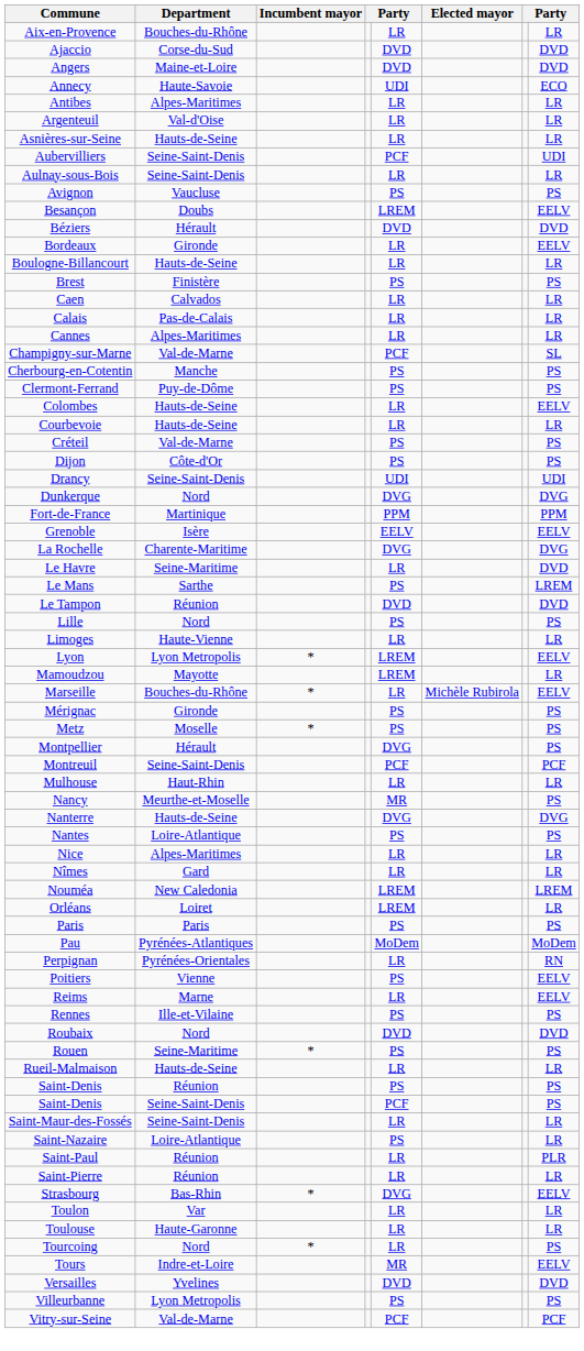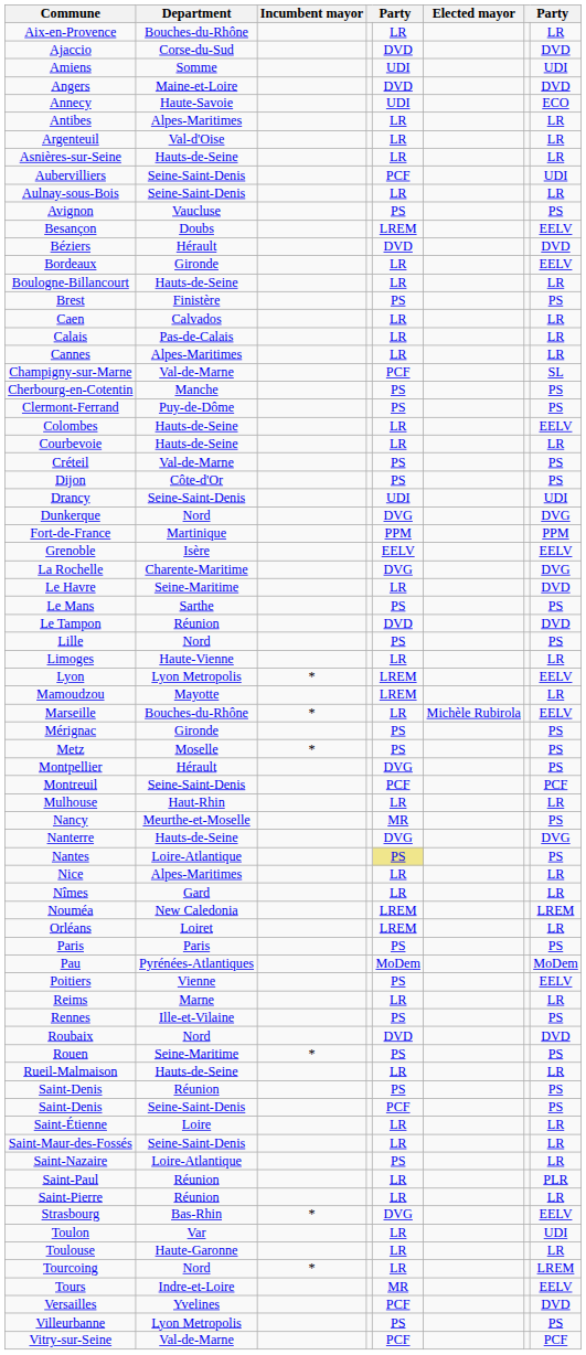 <table class="wikitable sortable" style="text-align:center; line-height:14px;">
 <tr>
 <th>Commune</th>
 <th>Department</th>
 <th>Incumbent mayor</th>
 <th colspan="2">Party</th>
 <th>Elected mayor</th>
 <th colspan="2">Party</th>
 </tr>
 <tr>
 <td><a href='#'>Aix-en-Provence</a></td>
 <td><a href='#'>Bouches-du-Rhône</a></td>
 <td></td>
 <td style="background:"></td>
 <td><a href='#'>LR</a></td>
 <td></td>
 <td style="background:"></td>
 <td><a href='#'>LR</a></td>
 </tr>
 <tr>
 <td><a href='#'>Ajaccio</a></td>
 <td><a href='#'>Corse-du-Sud</a></td>
 <td></td>
 <td style="background:"></td>
 <td><a href='#'>DVD</a></td>
 <td></td>
 <td style="background:"></td>
 <td><a href='#'>DVD</a></td>
+</tr>
+<tr>
+<td><a href='#'>Amiens</a></td>
+<td><a href='#'>Somme</a></td>
+<td></td>
+<td style="background:"></td>
+<td><a href='#'>UDI</a></td>
+<td></td>
+<td style="background:"></td>
+<td><a href='#'>UDI</a></td>
 </tr>
 <tr>
 <td><a href='#'>Angers</a></td>
 <td><a href='#'>Maine-et-Loire</a></td>
 <td></td>
 <td style="background:"></td>
 <td><a href='#'>DVD</a></td>
 <td></td>
 <td style="background:"></td>
 <td><a href='#'>DVD</a></td>
 </tr>
 <tr>
 <td><a href='#'>Annecy</a></td>
 <td><a href='#'>Haute-Savoie</a></td>
 <td></td>
 <td style="background:"></td>
 <td><a href='#'>UDI</a></td>
 <td></td>
 <td style="background:"></td>
 <td><a href='#'>ECO</a></td>
 </tr>
 <tr>
 <td><a href='#'>Antibes</a></td>
 <td><a href='#'>Alpes-Maritimes</a></td>
 <td></td>
 <td style="background:"></td>
 <td><a href='#'>LR</a></td>
 <td></td>
 <td style="background:"></td>
 <td><a href='#'>LR</a></td>
 </tr>
 <tr>
 <td><a href='#'>Argenteuil</a></td>
 <td><a href='#'>Val-d'Oise</a></td>
 <td></td>
 <td style="background:"></td>
 <td><a href='#'>LR</a></td>
 <td></td>
 <td style="background:"></td>
 <td><a href='#'>LR</a></td>
 </tr>
 <tr>
 <td><a href='#'>Asnières-sur-Seine</a></td>
 <td><a href='#'>Hauts-de-Seine</a></td>
 <td></td>
 <td style="background:"></td>
 <td><a href='#'>LR</a></td>
 <td></td>
 <td style="background:"></td>
 <td><a href='#'>LR</a></td>
 </tr>
 <tr>
 <td><a href='#'>Aubervilliers</a></td>
 <td><a href='#'>Seine-Saint-Denis</a></td>
 <td></td>
 <td style="background:"></td>
 <td><a href='#'>PCF</a></td>
 <td></td>
 <td style="background:"></td>
 <td><a href='#'>UDI</a></td>
 </tr>
 <tr>
 <td><a href='#'>Aulnay-sous-Bois</a></td>
 <td><a href='#'>Seine-Saint-Denis</a></td>
 <td></td>
 <td style="background:"></td>
 <td><a href='#'>LR</a></td>
 <td></td>
 <td style="background:"></td>
 <td><a href='#'>LR</a></td>
 </tr>
 <tr>
 <td><a href='#'>Avignon</a></td>
 <td><a href='#'>Vaucluse</a></td>
 <td></td>
 <td style="background:"></td>
 <td><a href='#'>PS</a></td>
 <td></td>
 <td style="background:"></td>
 <td><a href='#'>PS</a></td>
 </tr>
 <tr>
 <td><a href='#'>Besançon</a></td>
 <td><a href='#'>Doubs</a></td>
 <td></td>
 <td style="background:"></td>
 <td><a href='#'>LREM</a></td>
 <td></td>
 <td style="background:"></td>
 <td><a href='#'>EELV</a></td>
 </tr>
 <tr>
 <td><a href='#'>Béziers</a></td>
 <td><a href='#'>Hérault</a></td>
 <td></td>
 <td style="background:"></td>
 <td><a href='#'>DVD</a></td>
 <td></td>
 <td style="background:"></td>
 <td><a href='#'>DVD</a></td>
 </tr>
 <tr>
 <td><a href='#'>Bordeaux</a></td>
 <td><a href='#'>Gironde</a></td>
 <td></td>
 <td style="background:"></td>
 <td><a href='#'>LR</a></td>
 <td></td>
 <td style="background:"></td>
 <td><a href='#'>EELV</a></td>
 </tr>
 <tr>
 <td><a href='#'>Boulogne-Billancourt</a></td>
 <td><a href='#'>Hauts-de-Seine</a></td>
 <td></td>
 <td style="background:"></td>
 <td><a href='#'>LR</a></td>
 <td></td>
 <td style="background:"></td>
 <td><a href='#'>LR</a></td>
 </tr>
 <tr>
 <td><a href='#'>Brest</a></td>
 <td><a href='#'>Finistère</a></td>
 <td></td>
 <td style="background:"></td>
 <td><a href='#'>PS</a></td>
 <td></td>
 <td style="background:"></td>
 <td><a href='#'>PS</a></td>
 </tr>
 <tr>
 <td><a href='#'>Caen</a></td>
 <td><a href='#'>Calvados</a></td>
 <td></td>
 <td style="background:"></td>
 <td><a href='#'>LR</a></td>
 <td></td>
 <td style="background:"></td>
 <td><a href='#'>LR</a></td>
 </tr>
 <tr>
 <td><a href='#'>Calais</a></td>
 <td><a href='#'>Pas-de-Calais</a></td>
 <td></td>
 <td style="background:"></td>
 <td><a href='#'>LR</a></td>
 <td></td>
 <td style="background:"></td>
 <td><a href='#'>LR</a></td>
 </tr>
 <tr>
 <td><a href='#'>Cannes</a></td>
 <td><a href='#'>Alpes-Maritimes</a></td>
 <td></td>
 <td style="background:"></td>
 <td><a href='#'>LR</a></td>
 <td></td>
 <td style="background:"></td>
 <td><a href='#'>LR</a></td>
 </tr>
 <tr>
 <td><a href='#'>Champigny-sur-Marne</a></td>
 <td><a href='#'>Val-de-Marne</a></td>
 <td></td>
 <td style="background:"></td>
 <td><a href='#'>PCF</a></td>
 <td></td>
 <td style="background:"></td>
 <td><a href='#'>SL</a></td>
 </tr>
 <tr>
 <td><a href='#'>Cherbourg-en-Cotentin</a></td>
 <td><a href='#'>Manche</a></td>
 <td></td>
 <td style="background:"></td>
 <td><a href='#'>PS</a></td>
 <td></td>
 <td style="background:"></td>
 <td><a href='#'>PS</a></td>
 </tr>
 <tr>
 <td><a href='#'>Clermont-Ferrand</a></td>
 <td><a href='#'>Puy-de-Dôme</a></td>
 <td></td>
 <td style="background:"></td>
 <td><a href='#'>PS</a></td>
 <td></td>
 <td style="background:"></td>
 <td><a href='#'>PS</a></td>
 </tr>
 <tr>
 <td><a href='#'>Colombes</a></td>
 <td><a href='#'>Hauts-de-Seine</a></td>
 <td></td>
 <td style="background:"></td>
 <td><a href='#'>LR</a></td>
 <td></td>
 <td style="background:"></td>
 <td><a href='#'>EELV</a></td>
 </tr>
 <tr>
 <td><a href='#'>Courbevoie</a></td>
 <td><a href='#'>Hauts-de-Seine</a></td>
 <td></td>
 <td style="background:"></td>
 <td><a href='#'>LR</a></td>
 <td></td>
 <td style="background:"></td>
 <td><a href='#'>LR</a></td>
 </tr>
 <tr>
 <td><a href='#'>Créteil</a></td>
 <td><a href='#'>Val-de-Marne</a></td>
 <td></td>
 <td style="background:"></td>
 <td><a href='#'>PS</a></td>
 <td></td>
 <td style="background:"></td>
 <td><a href='#'>PS</a></td>
 </tr>
 <tr>
 <td><a href='#'>Dijon</a></td>
 <td><a href='#'>Côte-d'Or</a></td>
 <td></td>
 <td style="background:"></td>
 <td><a href='#'>PS</a></td>
 <td></td>
 <td style="background:"></td>
 <td><a href='#'>PS</a></td>
 </tr>
 <tr>
 <td><a href='#'>Drancy</a></td>
 <td><a href='#'>Seine-Saint-Denis</a></td>
 <td></td>
 <td style="background:"></td>
 <td><a href='#'>UDI</a></td>
 <td></td>
 <td style="background:"></td>
 <td><a href='#'>UDI</a></td>
 </tr>
 <tr>
 <td><a href='#'>Dunkerque</a></td>
 <td><a href='#'>Nord</a></td>
 <td></td>
 <td style="background:"></td>
 <td><a href='#'>DVG</a></td>
 <td></td>
 <td style="background:"></td>
 <td><a href='#'>DVG</a></td>
 </tr>
 <tr>
 <td><a href='#'>Fort-de-France</a></td>
 <td><a href='#'>Martinique</a></td>
 <td></td>
 <td style="background:"></td>
 <td><a href='#'>PPM</a></td>
 <td></td>
 <td style="background:"></td>
 <td><a href='#'>PPM</a></td>
 </tr>
 <tr>
 <td><a href='#'>Grenoble</a></td>
 <td><a href='#'>Isère</a></td>
 <td></td>
 <td style="background:"></td>
 <td><a href='#'>EELV</a></td>
 <td></td>
 <td style="background:"></td>
 <td><a href='#'>EELV</a></td>
 </tr>
 <tr>
 <td><a href='#'>La Rochelle</a></td>
 <td><a href='#'>Charente-Maritime</a></td>
 <td></td>
 <td style="background:"></td>
 <td><a href='#'>DVG</a></td>
 <td></td>
 <td style="background:"></td>
 <td><a href='#'>DVG</a></td>
 </tr>
 <tr>
 <td><a href='#'>Le Havre</a></td>
 <td><a href='#'>Seine-Maritime</a></td>
 <td></td>
 <td style="background:"></td>
 <td><a href='#'>LR</a></td>
 <td></td>
 <td style="background:"></td>
 <td><a href='#'>DVD</a></td>
 </tr>
 <tr>
 <td><a href='#'>Le Mans</a></td>
 <td><a href='#'>Sarthe</a></td>
 <td></td>
 <td style="background:"></td>
 <td><a href='#'>PS</a></td>
 <td></td>
 <td style="background:"></td>
-<td><a href='#'>LREM</a></td>
+<td><a href='#'>PS</a></td>
 </tr>
 <tr>
 <td><a href='#'>Le Tampon</a></td>
 <td><a href='#'>Réunion</a></td>
 <td></td>
 <td style="background:"></td>
 <td><a href='#'>DVD</a></td>
 <td></td>
 <td style="background:"></td>
 <td><a href='#'>DVD</a></td>
 </tr>
 <tr>
 <td><a href='#'>Lille</a></td>
 <td><a href='#'>Nord</a></td>
 <td></td>
 <td style="background:"></td>
 <td><a href='#'>PS</a></td>
 <td></td>
 <td style="background:"></td>
 <td><a href='#'>PS</a></td>
 </tr>
 <tr>
 <td><a href='#'>Limoges</a></td>
 <td><a href='#'>Haute-Vienne</a></td>
 <td></td>
 <td style="background:"></td>
 <td><a href='#'>LR</a></td>
 <td></td>
 <td style="background:"></td>
 <td><a href='#'>LR</a></td>
 </tr>
 <tr>
 <td><a href='#'>Lyon</a></td>
 <td><a href='#'>Lyon Metropolis</a></td>
 <td>*</td>
 <td style="background:"></td>
 <td><a href='#'>LREM</a></td>
 <td></td>
 <td style="background:"></td>
 <td><a href='#'>EELV</a></td>
 </tr>
 <tr>
 <td><a href='#'>Mamoudzou</a></td>
 <td><a href='#'>Mayotte</a></td>
 <td></td>
 <td style="background:"></td>
 <td><a href='#'>LREM</a></td>
 <td></td>
 <td style="background:"></td>
 <td><a href='#'>LR</a></td>
 </tr>
 <tr>
 <td><a href='#'>Marseille</a></td>
 <td><a href='#'>Bouches-du-Rhône</a></td>
 <td>*</td>
 <td style="background:"></td>
 <td><a href='#'>LR</a></td>
 <td><a href='#'>Michèle Rubirola</a></td>
 <td style="background:"></td>
 <td><a href='#'>EELV</a></td>
 </tr>
 <tr>
 <td><a href='#'>Mérignac</a></td>
 <td><a href='#'>Gironde</a></td>
 <td></td>
 <td style="background:"></td>
 <td><a href='#'>PS</a></td>
 <td></td>
 <td style="background:"></td>
 <td><a href='#'>PS</a></td>
 </tr>
 <tr>
 <td><a href='#'>Metz</a></td>
 <td><a href='#'>Moselle</a></td>
 <td>*</td>
 <td style="background:"></td>
 <td><a href='#'>PS</a></td>
 <td></td>
 <td style="background:"></td>
 <td><a href='#'>PS</a></td>
 </tr>
 <tr>
 <td><a href='#'>Montpellier</a></td>
 <td><a href='#'>Hérault</a></td>
 <td></td>
 <td style="background:"></td>
 <td><a href='#'>DVG</a></td>
 <td></td>
 <td style="background:"></td>
 <td><a href='#'>PS</a></td>
 </tr>
 <tr>
 <td><a href='#'>Montreuil</a></td>
 <td><a href='#'>Seine-Saint-Denis</a></td>
 <td></td>
 <td style="background:"></td>
 <td><a href='#'>PCF</a></td>
 <td></td>
 <td style="background:"></td>
 <td><a href='#'>PCF</a></td>
 </tr>
 <tr>
 <td><a href='#'>Mulhouse</a></td>
 <td><a href='#'>Haut-Rhin</a></td>
 <td></td>
 <td style="background:"></td>
 <td><a href='#'>LR</a></td>
 <td></td>
 <td style="background:"></td>
 <td><a href='#'>LR</a></td>
 </tr>
 <tr>
 <td><a href='#'>Nancy</a></td>
 <td><a href='#'>Meurthe-et-Moselle</a></td>
 <td></td>
 <td style="background:"></td>
 <td><a href='#'>MR</a></td>
 <td></td>
 <td style="background:"></td>
 <td><a href='#'>PS</a></td>
 </tr>
 <tr>
 <td><a href='#'>Nanterre</a></td>
 <td><a href='#'>Hauts-de-Seine</a></td>
 <td></td>
 <td style="background:"></td>
 <td><a href='#'>DVG</a></td>
 <td></td>
 <td style="background:"></td>
 <td><a href='#'>DVG</a></td>
 </tr>
 <tr>
 <td><a href='#'>Nantes</a></td>
 <td><a href='#'>Loire-Atlantique</a></td>
 <td></td>
 <td style="background:"></td>
-<td><a href='#'>PS</a></td>
+<td style="background: khaki;"><a href='#'>PS</a></td>
 <td></td>
 <td style="background:"></td>
 <td><a href='#'>PS</a></td>
 </tr>
 <tr>
 <td><a href='#'>Nice</a></td>
 <td><a href='#'>Alpes-Maritimes</a></td>
 <td></td>
 <td style="background:"></td>
 <td><a href='#'>LR</a></td>
 <td></td>
 <td style="background:"></td>
 <td><a href='#'>LR</a></td>
 </tr>
 <tr>
 <td><a href='#'>Nîmes</a></td>
 <td><a href='#'>Gard</a></td>
 <td></td>
 <td style="background:"></td>
 <td><a href='#'>LR</a></td>
 <td></td>
 <td style="background:"></td>
 <td><a href='#'>LR</a></td>
 </tr>
 <tr>
 <td><a href='#'>Nouméa</a></td>
 <td><a href='#'>New Caledonia</a></td>
 <td></td>
 <td style="background:"></td>
 <td><a href='#'>LREM</a></td>
 <td></td>
 <td style="background:"></td>
 <td><a href='#'>LREM</a></td>
 </tr>
 <tr>
 <td><a href='#'>Orléans</a></td>
 <td><a href='#'>Loiret</a></td>
 <td></td>
 <td style="background:"></td>
 <td><a href='#'>LREM</a></td>
 <td></td>
 <td style="background:"></td>
 <td><a href='#'>LR</a></td>
 </tr>
 <tr>
 <td><a href='#'>Paris</a></td>
 <td><a href='#'>Paris</a></td>
 <td></td>
 <td style="background:"></td>
 <td><a href='#'>PS</a></td>
 <td></td>
 <td style="background:"></td>
 <td><a href='#'>PS</a></td>
 </tr>
 <tr>
 <td><a href='#'>Pau</a></td>
 <td><a href='#'>Pyrénées-Atlantiques</a></td>
 <td></td>
 <td style="background:"></td>
 <td><a href='#'>MoDem</a></td>
 <td></td>
 <td style="background:"></td>
 <td><a href='#'>MoDem</a></td>
 </tr>
 <tr>
-<td><a href='#'>Perpignan</a></td>
-<td><a href='#'>Pyrénées-Orientales</a></td>
-<td></td>
-<td style="background:"></td>
-<td><a href='#'>LR</a></td>
-<td></td>
-<td style="background:"></td>
-<td><a href='#'>RN</a></td>
-</tr>
-<tr>
 <td><a href='#'>Poitiers</a></td>
 <td><a href='#'>Vienne</a></td>
 <td></td>
 <td style="background:"></td>
 <td><a href='#'>PS</a></td>
 <td></td>
 <td style="background:"></td>
 <td><a href='#'>EELV</a></td>
 </tr>
 <tr>
 <td><a href='#'>Reims</a></td>
 <td><a href='#'>Marne</a></td>
 <td></td>
 <td style="background:"></td>
 <td><a href='#'>LR</a></td>
 <td></td>
 <td style="background:"></td>
-<td><a href='#'>EELV</a></td>
+<td><a href='#'>LR</a></td>
 </tr>
 <tr>
 <td><a href='#'>Rennes</a></td>
 <td><a href='#'>Ille-et-Vilaine</a></td>
 <td></td>
 <td style="background:"></td>
 <td><a href='#'>PS</a></td>
 <td></td>
 <td style="background:"></td>
 <td><a href='#'>PS</a></td>
 </tr>
 <tr>
 <td><a href='#'>Roubaix</a></td>
 <td><a href='#'>Nord</a></td>
 <td></td>
 <td style="background:"></td>
 <td><a href='#'>DVD</a></td>
 <td></td>
 <td style="background:"></td>
 <td><a href='#'>DVD</a></td>
 </tr>
 <tr>
 <td><a href='#'>Rouen</a></td>
 <td><a href='#'>Seine-Maritime</a></td>
 <td>*</td>
 <td style="background:"></td>
 <td><a href='#'>PS</a></td>
 <td></td>
 <td style="background:"></td>
 <td><a href='#'>PS</a></td>
 </tr>
 <tr>
 <td><a href='#'>Rueil-Malmaison</a></td>
 <td><a href='#'>Hauts-de-Seine</a></td>
 <td></td>
 <td style="background:"></td>
 <td><a href='#'>LR</a></td>
 <td></td>
 <td style="background:"></td>
 <td><a href='#'>LR</a></td>
 </tr>
 <tr>
 <td><a href='#'>Saint-Denis</a></td>
 <td><a href='#'>Réunion</a></td>
 <td></td>
 <td style="background:"></td>
 <td><a href='#'>PS</a></td>
 <td></td>
 <td style="background:"></td>
 <td><a href='#'>PS</a></td>
 </tr>
 <tr>
 <td><a href='#'>Saint-Denis</a></td>
 <td><a href='#'>Seine-Saint-Denis</a></td>
 <td></td>
 <td style="background:"></td>
 <td><a href='#'>PCF</a></td>
 <td></td>
 <td style="background:"></td>
 <td><a href='#'>PS</a></td>
 </tr>
 <tr>
+<td><a href='#'>Saint-Étienne</a></td>
+<td><a href='#'>Loire</a></td>
+<td></td>
+<td style="background:"></td>
+<td><a href='#'>LR</a></td>
+<td></td>
+<td style="background:"></td>
+<td><a href='#'>LR</a></td>
+</tr>
+<tr>
 <td><a href='#'>Saint-Maur-des-Fossés</a></td>
 <td><a href='#'>Seine-Saint-Denis</a></td>
 <td></td>
 <td style="background:"></td>
 <td><a href='#'>LR</a></td>
 <td></td>
 <td style="background:"></td>
 <td><a href='#'>LR</a></td>
 </tr>
 <tr>
 <td><a href='#'>Saint-Nazaire</a></td>
 <td><a href='#'>Loire-Atlantique</a></td>
 <td></td>
 <td style="background:"></td>
 <td><a href='#'>PS</a></td>
 <td></td>
 <td style="background:"></td>
 <td><a href='#'>LR</a></td>
 </tr>
 <tr>
 <td><a href='#'>Saint-Paul</a></td>
 <td><a href='#'>Réunion</a></td>
 <td></td>
 <td style="background:"></td>
 <td><a href='#'>LR</a></td>
 <td></td>
 <td style="background:"></td>
 <td><a href='#'>PLR</a></td>
 </tr>
 <tr>
 <td><a href='#'>Saint-Pierre</a></td>
 <td><a href='#'>Réunion</a></td>
 <td></td>
 <td style="background:"></td>
 <td><a href='#'>LR</a></td>
 <td></td>
 <td style="background:"></td>
 <td><a href='#'>LR</a></td>
 </tr>
 <tr>
 <td><a href='#'>Strasbourg</a></td>
 <td><a href='#'>Bas-Rhin</a></td>
 <td>*</td>
 <td style="background:"></td>
 <td><a href='#'>DVG</a></td>
 <td></td>
 <td style="background:"></td>
 <td><a href='#'>EELV</a></td>
 </tr>
 <tr>
 <td><a href='#'>Toulon</a></td>
 <td><a href='#'>Var</a></td>
 <td></td>
 <td style="background:"></td>
 <td><a href='#'>LR</a></td>
 <td></td>
 <td style="background:"></td>
-<td><a href='#'>LR</a></td>
+<td><a href='#'>UDI</a></td>
 </tr>
 <tr>
 <td><a href='#'>Toulouse</a></td>
 <td><a href='#'>Haute-Garonne</a></td>
 <td></td>
 <td style="background:"></td>
 <td><a href='#'>LR</a></td>
 <td></td>
 <td style="background:"></td>
 <td><a href='#'>LR</a></td>
 </tr>
 <tr>
 <td><a href='#'>Tourcoing</a></td>
 <td><a href='#'>Nord</a></td>
 <td>*</td>
 <td style="background:"></td>
 <td><a href='#'>LR</a></td>
 <td></td>
 <td style="background:"></td>
-<td><a href='#'>PS</a></td>
+<td><a href='#'>LREM</a></td>
 </tr>
 <tr>
 <td><a href='#'>Tours</a></td>
 <td><a href='#'>Indre-et-Loire</a></td>
 <td></td>
 <td style="background:"></td>
 <td><a href='#'>MR</a></td>
 <td></td>
 <td style="background:"></td>
 <td><a href='#'>EELV</a></td>
 </tr>
 <tr>
 <td><a href='#'>Versailles</a></td>
 <td><a href='#'>Yvelines</a></td>
 <td></td>
 <td style="background:"></td>
-<td><a href='#'>DVD</a></td>
+<td><a href='#'>PCF</a></td>
 <td></td>
 <td style="background:"></td>
 <td><a href='#'>DVD</a></td>
 </tr>
 <tr>
 <td><a href='#'>Villeurbanne</a></td>
 <td><a href='#'>Lyon Metropolis</a></td>
 <td></td>
 <td style="background:"></td>
 <td><a href='#'>PS</a></td>
 <td></td>
 <td style="background:"></td>
 <td><a href='#'>PS</a></td>
 </tr>
 <tr>
 <td><a href='#'>Vitry-sur-Seine</a></td>
 <td><a href='#'>Val-de-Marne</a></td>
 <td></td>
 <td style="background:"></td>
 <td><a href='#'>PCF</a></td>
 <td></td>
 <td style="background:"></td>
 <td><a href='#'>PCF</a></td>
 </tr>
 </table>
